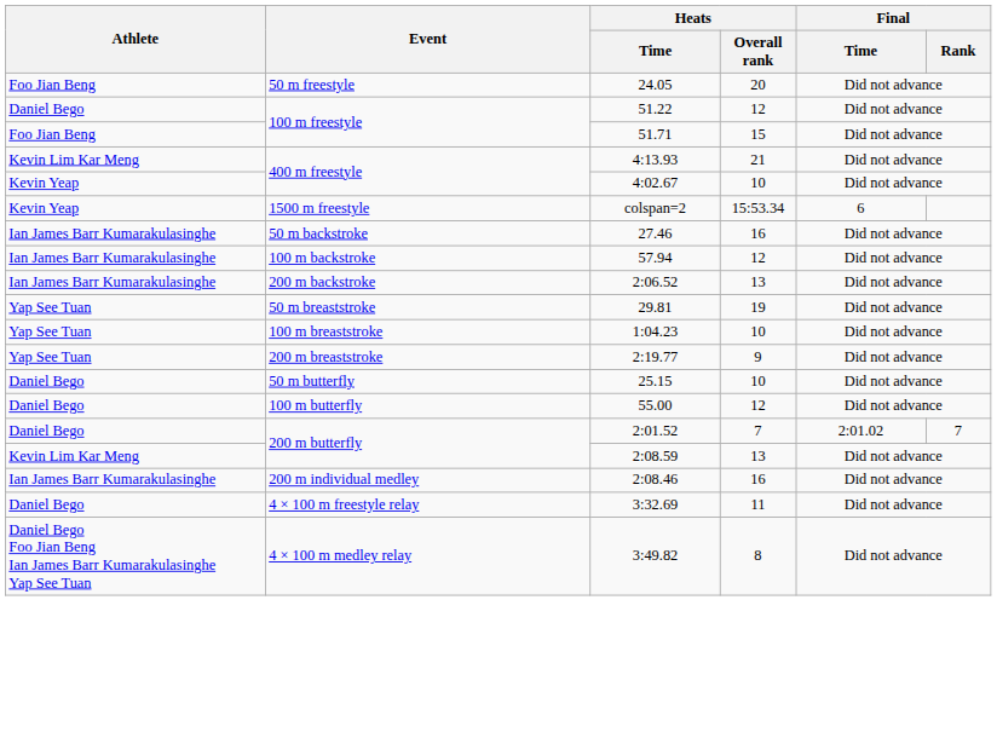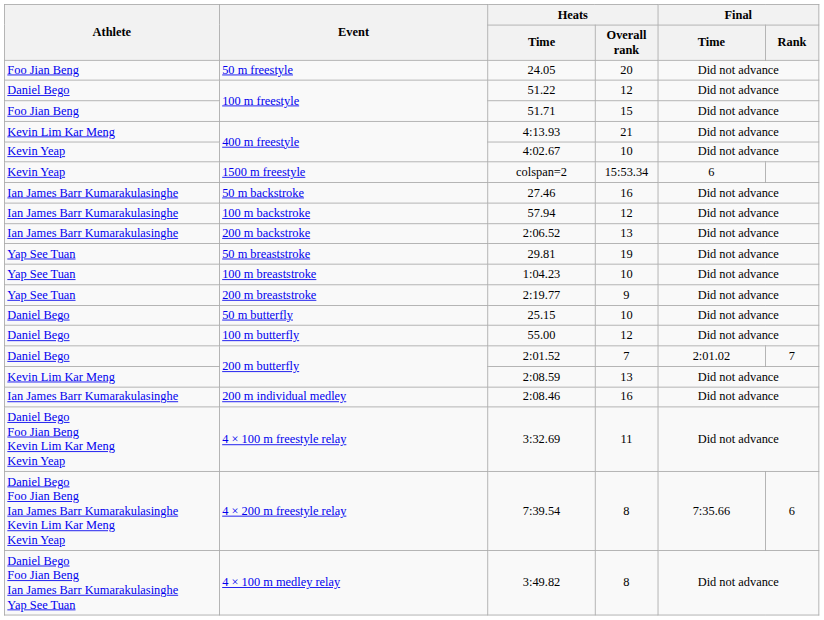 <table class="wikitable" width="75%" style="text-align:center; font-size:90%">
 <tr>
 <th rowspan="2" width="20%">Athlete</th>
 <th rowspan="2" width="25%">Event</th>
 <th colspan="2" width="15%">Heats</th>
 <th colspan="2" width="15%">Final</th>
 </tr>
 <tr>
 <th width="10%">Time</th>
 <th>Overall rank</th>
 <th width="10%">Time</th>
 <th>Rank</th>
 </tr>
 <tr>
 <td align=left><a href='#'>Foo Jian Beng</a></td>
 <td align=left><a href='#'>50 m freestyle</a></td>
 <td>24.05</td>
 <td>20</td>
 <td colspan=2>Did not advance</td>
 </tr>
 <tr>
 <td align=left><a href='#'>Daniel Bego</a></td>
 <td align=left rowspan=2><a href='#'>100 m freestyle</a></td>
 <td>51.22</td>
 <td>12</td>
 <td colspan=2>Did not advance</td>
 </tr>
 <tr>
 <td align=left><a href='#'>Foo Jian Beng</a></td>
 <td>51.71</td>
 <td>15</td>
 <td colspan=2>Did not advance</td>
 </tr>
 <tr>
 <td align=left><a href='#'>Kevin Lim Kar Meng</a></td>
 <td align=left rowspan=2><a href='#'>400 m freestyle</a></td>
 <td>4:13.93</td>
 <td>21</td>
 <td colspan=2>Did not advance</td>
 </tr>
 <tr>
 <td align=left><a href='#'>Kevin Yeap</a></td>
 <td>4:02.67</td>
 <td>10</td>
 <td colspan=2>Did not advance</td>
 </tr>
 <tr>
 <td align=left><a href='#'>Kevin Yeap</a></td>
 <td align=left><a href='#'>1500 m freestyle</a></td>
 <td>colspan=2 </td>
 <td>15:53.34</td>
 <td>6</td>
 </tr>
 <tr>
 <td align=left><a href='#'>Ian James Barr Kumarakulasinghe</a></td>
 <td align=left><a href='#'>50 m backstroke</a></td>
 <td>27.46</td>
 <td>16</td>
 <td colspan=2>Did not advance</td>
 </tr>
 <tr>
 <td align=left><a href='#'>Ian James Barr Kumarakulasinghe</a></td>
 <td align=left><a href='#'>100 m backstroke</a></td>
 <td>57.94</td>
 <td>12</td>
 <td colspan=2>Did not advance</td>
 </tr>
 <tr>
 <td align=left><a href='#'>Ian James Barr Kumarakulasinghe</a></td>
 <td align=left><a href='#'>200 m backstroke</a></td>
 <td>2:06.52</td>
 <td>13</td>
 <td colspan=2>Did not advance</td>
 </tr>
 <tr>
 <td align=left><a href='#'>Yap See Tuan</a></td>
 <td align=left><a href='#'>50 m breaststroke</a></td>
 <td>29.81</td>
 <td>19</td>
 <td colspan=2>Did not advance</td>
 </tr>
 <tr>
 <td align=left><a href='#'>Yap See Tuan</a></td>
 <td align=left><a href='#'>100 m breaststroke</a></td>
 <td>1:04.23</td>
 <td>10</td>
 <td colspan=2>Did not advance</td>
 </tr>
 <tr>
 <td align=left><a href='#'>Yap See Tuan</a></td>
 <td align=left><a href='#'>200 m breaststroke</a></td>
 <td>2:19.77</td>
 <td>9</td>
 <td colspan=2>Did not advance</td>
 </tr>
 <tr>
 <td align=left><a href='#'>Daniel Bego</a></td>
 <td align=left><a href='#'>50 m butterfly</a></td>
 <td>25.15</td>
 <td>10</td>
 <td colspan=2>Did not advance</td>
 </tr>
 <tr>
 <td align=left><a href='#'>Daniel Bego</a></td>
 <td align=left><a href='#'>100 m butterfly</a></td>
 <td>55.00</td>
 <td>12</td>
 <td colspan=2>Did not advance</td>
 </tr>
 <tr>
 <td align=left><a href='#'>Daniel Bego</a></td>
 <td align=left rowspan=2><a href='#'>200 m butterfly</a></td>
 <td>2:01.52</td>
 <td>7 <strong></strong></td>
 <td>2:01.02</td>
 <td>7</td>
 </tr>
 <tr>
 <td align=left><a href='#'>Kevin Lim Kar Meng</a></td>
 <td>2:08.59</td>
 <td>13</td>
 <td colspan=2>Did not advance</td>
 </tr>
 <tr>
 <td align=left><a href='#'>Ian James Barr Kumarakulasinghe</a></td>
 <td align=left><a href='#'>200 m individual medley</a></td>
 <td>2:08.46</td>
 <td>16</td>
 <td colspan=2>Did not advance</td>
 </tr>
 <tr>
-<td align=left><a href='#'>Daniel Bego</a></td>
+<td align=left><a href='#'>Daniel Bego</a><br><a href='#'>Foo Jian Beng</a><br><a href='#'>Kevin Lim Kar Meng</a><br><a href='#'>Kevin Yeap</a></td>
 <td align=left><a href='#'>4 × 100 m freestyle relay</a></td>
 <td>3:32.69</td>
 <td>11</td>
 <td colspan=2>Did not advance</td>
+</tr>
+<tr>
+<td align=left><a href='#'>Daniel Bego</a><br><a href='#'>Foo Jian Beng</a><br><a href='#'>Ian James Barr Kumarakulasinghe</a><br><a href='#'>Kevin Lim Kar Meng</a><br><a href='#'>Kevin Yeap</a></td>
+<td align=left><a href='#'>4 × 200 m freestyle relay</a></td>
+<td>7:39.54</td>
+<td>8 <strong></strong></td>
+<td>7:35.66</td>
+<td>6</td>
 </tr>
 <tr>
 <td align=left><a href='#'>Daniel Bego</a><br><a href='#'>Foo Jian Beng</a><br><a href='#'>Ian James Barr Kumarakulasinghe</a><br><a href='#'>Yap See Tuan</a></td>
 <td align=left><a href='#'>4 × 100 m medley relay</a></td>
 <td>3:49.82</td>
 <td>8</td>
 <td colspan=2>Did not advance</td>
 </tr>
 </table>
